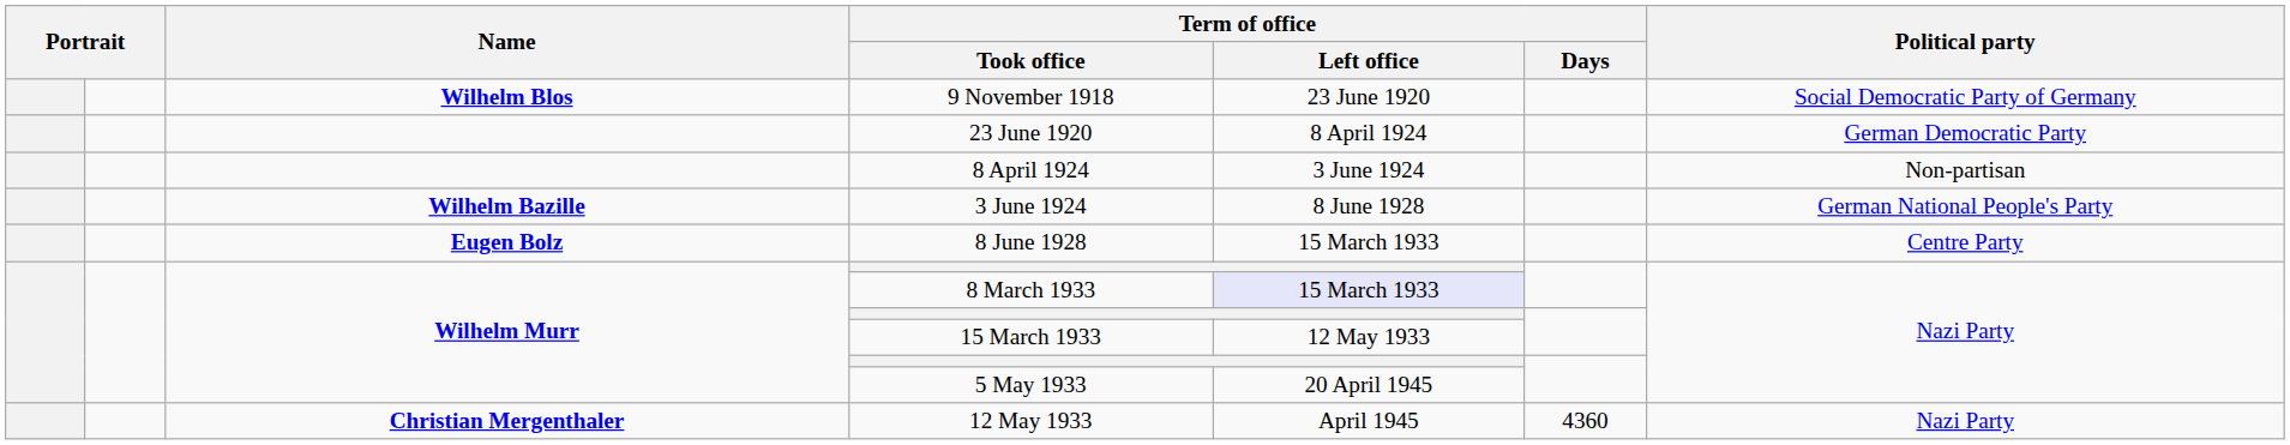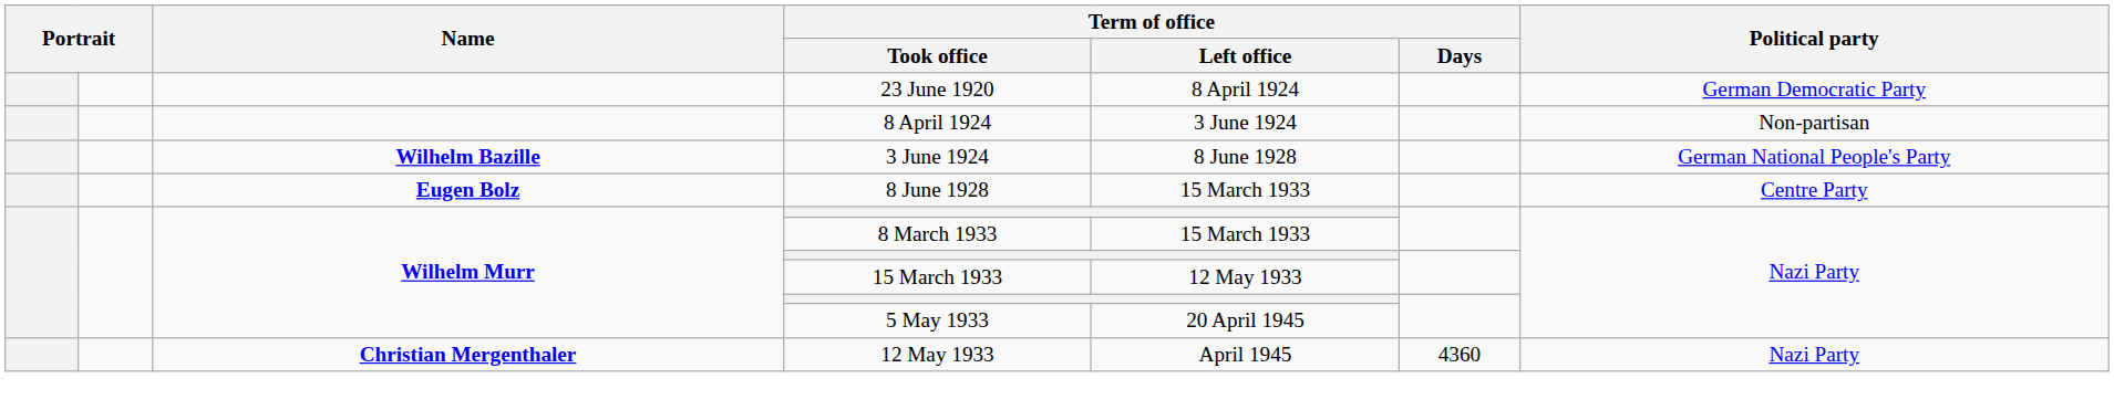 <table class="wikitable" style="text-align:center; width:100%; border:1px #AAAAFF solid">
 <tr>
 <th width=80px rowspan=2 colspan=2>Portrait</th>
 <th width=30% rowspan=2>Name<br></th>
 <th width=35% colspan=3>Term of office</th>
 <th width=28% rowspan=2>Political party</th>
 </tr>
 <tr>
 <th>Took office</th>
 <th>Left office</th>
 <th>Days</th>
-</tr>
-<tr>
-<th style="background:"></th>
-<td></td>
-<td><strong><a href='#'>Wilhelm Blos</a></strong><br></td>
-<td>9 November 1918</td>
-<td>23 June 1920</td>
-<td></td>
-<td><a href='#'>Social Democratic Party of Germany</a></td>
 </tr>
 <tr>
 <th style="background:"></th>
 <td></td>
 <td><strong></strong><br></td>
 <td>23 June 1920</td>
 <td>8 April 1924</td>
 <td></td>
 <td><a href='#'>German Democratic Party</a></td>
 </tr>
 <tr>
 <th style="background:"></th>
 <td></td>
 <td><br></td>
 <td>8 April 1924</td>
 <td>3 June 1924</td>
 <td></td>
 <td>Non-partisan</td>
 </tr>
 <tr>
 <th style="background:"></th>
 <td></td>
 <td><strong><a href='#'>Wilhelm Bazille</a></strong><br></td>
 <td>3 June 1924</td>
 <td>8 June 1928</td>
 <td></td>
 <td><a href='#'>German National People's Party</a></td>
 </tr>
 <tr>
 <th style="background:"></th>
 <td></td>
 <td><strong><a href='#'>Eugen Bolz</a></strong><br></td>
 <td>8 June 1928</td>
 <td>15 March 1933</td>
 <td></td>
 <td><a href='#'>Centre Party</a></td>
 </tr>
 <tr>
 <th rowspan="6" style="background:"></th>
 <td rowspan="6"></td>
 <td rowspan="6"><strong><a href='#'>Wilhelm Murr</a></strong><br></td>
 <th colspan="2"></th>
 <td rowspan="2"></td>
 <td rowspan="6"><a href='#'>Nazi Party</a></td>
 </tr>
 <tr>
 <td>8 March 1933</td>
-<td style="background: lavender;">15 March 1933</td>
+<td>15 March 1933</td>
 </tr>
 <tr>
 <th colspan="2"></th>
 <td rowspan="2"></td>
 </tr>
 <tr>
 <td>15 March 1933</td>
 <td>12 May 1933</td>
 </tr>
 <tr>
 <th colspan="2"></th>
 <td rowspan="2"></td>
 </tr>
 <tr>
 <td>5 May 1933</td>
 <td>20 April 1945</td>
 </tr>
 <tr>
 <th style="background:"></th>
 <td></td>
 <td><strong><a href='#'>Christian Mergenthaler</a></strong><br></td>
 <td>12 May 1933</td>
 <td>April 1945</td>
 <td> 4360</td>
 <td><a href='#'>Nazi Party</a></td>
 </tr>
 </table>
